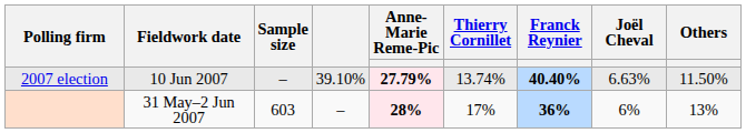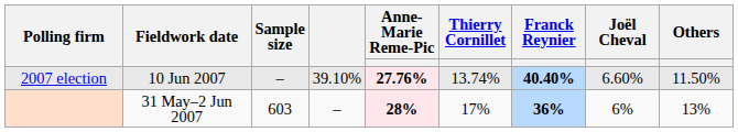 <table class="wikitable sortable" style="text-align:center;font-size:90%;line-height:14px;">
 <tr style="height:40px;">
 <th style="width:100px;" rowspan="2">Polling firm</th>
 <th style="width:110px;" rowspan="2">Fieldwork date</th>
 <th style="width:35px;" rowspan="2">Sample<br>size</th>
 <th style="width:30px;" rowspan="2"></th>
 <th class="unsortable" style="width:60px;">Anne-Marie Reme-Pic<br></th>
 <th class="unsortable" style="width:60px;"><a href='#'>Thierry Cornillet</a><br></th>
 <th class="unsortable" style="width:60px;"><a href='#'>Franck Reynier</a><br></th>
 <th class="unsortable" style="width:60px;">Joël Cheval<br></th>
 <th class="unsortable" style="width:60px;">Others</th>
 </tr>
 <tr>
 <th style="background:"></th>
 <th style="background:"></th>
 <th style="background:"></th>
 <th style="background:"></th>
 <th style="background:"></th>
 </tr>
 <tr style="background:#E9E9E9;">
 <td><a href='#'>2007 election</a></td>
 <td data-sort-value="2007-06-10">10 Jun 2007</td>
 <td>–</td>
 <td>39.10%</td>
-<td style="background:#FFE6EC;"><strong>27.79%</strong></td>
+<td style="background:#FFE6EC;"><strong>27.76%</strong></td>
 <td>13.74%</td>
 <td style="background:#B9DAFF;"><strong>40.40%</strong></td>
-<td>6.63%</td>
+<td>6.60%</td>
 <td>11.50%</td>
 </tr>
 <tr>
 <td style="background:#FFDFCC;"></td>
 <td data-sort-value="2007-06-02">31 May–2 Jun 2007</td>
 <td>603</td>
 <td>–</td>
 <td style="background:#FFE6EC;"><strong>28%</strong></td>
 <td>17%</td>
 <td style="background:#B9DAFF;"><strong>36%</strong></td>
 <td>6%</td>
 <td>13%</td>
 </tr>
 </table>
